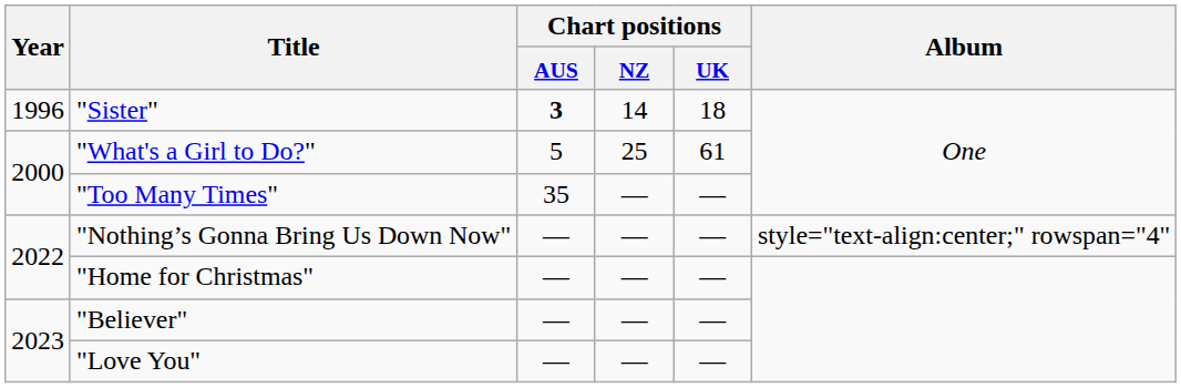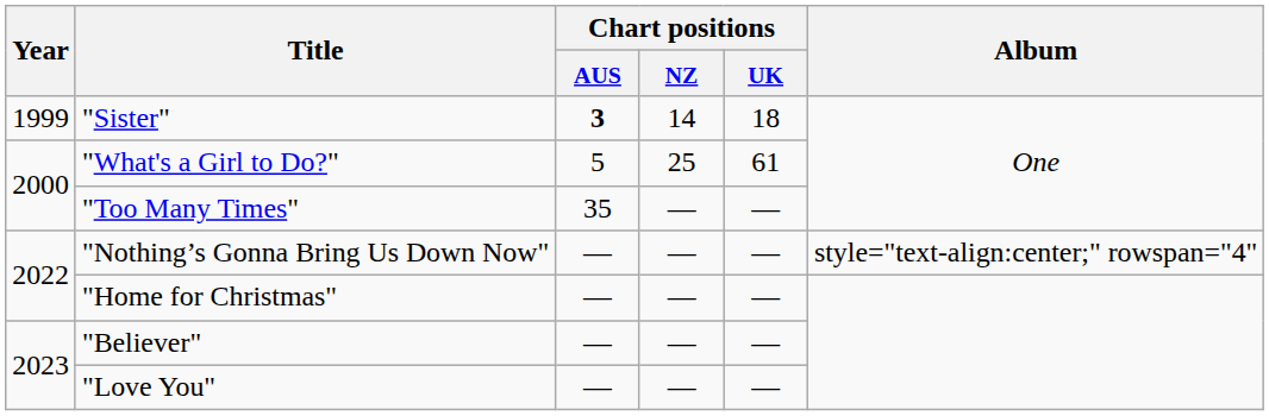 <table class="wikitable">
 <tr>
 <th rowspan="2">Year</th>
 <th rowspan="2">Title</th>
 <th colspan="3">Chart positions</th>
 <th rowspan="2">Album</th>
 </tr>
 <tr>
 <th style="width:40px;"><small><a href='#'>AUS</a></small><br></th>
 <th style="width:40px;"><small><a href='#'>NZ</a></small><br></th>
 <th style="width:40px;"><small><a href='#'>UK</a></small><br></th>
 </tr>
 <tr>
-<td style="text-align:center;">1996</td>
+<td style="text-align:center;">1999</td>
 <td align="left">"<a href='#'>Sister</a>"</td>
 <td style="text-align:center;"><strong>3</strong></td>
 <td style="text-align:center;">14</td>
 <td style="text-align:center;">18</td>
 <td style="text-align:center;" rowspan="3"><em>One</em></td>
 </tr>
 <tr>
 <td style="text-align:center;" rowspan="2">2000</td>
 <td align="left">"<a href='#'>What's a Girl to Do?</a>"</td>
 <td style="text-align:center;">5</td>
 <td style="text-align:center;">25</td>
 <td style="text-align:center;">61</td>
 </tr>
 <tr>
 <td align="left">"<a href='#'>Too Many Times</a>"</td>
 <td style="text-align:center;">35</td>
 <td style="text-align:center;">—</td>
 <td style="text-align:center;">—</td>
 </tr>
 <tr>
 <td style="text-align:center;" rowspan="2">2022</td>
 <td>"Nothing’s Gonna Bring Us Down Now"</td>
 <td style="text-align:center;">—</td>
 <td style="text-align:center;">—</td>
 <td style="text-align:center;">—</td>
 <td>style="text-align:center;" rowspan="4"</td>
 </tr>
 <tr>
 <td>"Home for Christmas"</td>
 <td style="text-align:center;">—</td>
 <td style="text-align:center;">—</td>
 <td style="text-align:center;">—</td>
 </tr>
 <tr>
 <td style="text-align:center;" rowspan="2">2023</td>
 <td>"Believer"</td>
 <td style="text-align:center;">—</td>
 <td style="text-align:center;">—</td>
 <td style="text-align:center;">—</td>
 </tr>
 <tr>
 <td>"Love You"</td>
 <td style="text-align:center;">—</td>
 <td style="text-align:center;">—</td>
 <td style="text-align:center;">—</td>
 </tr>
 </table>
